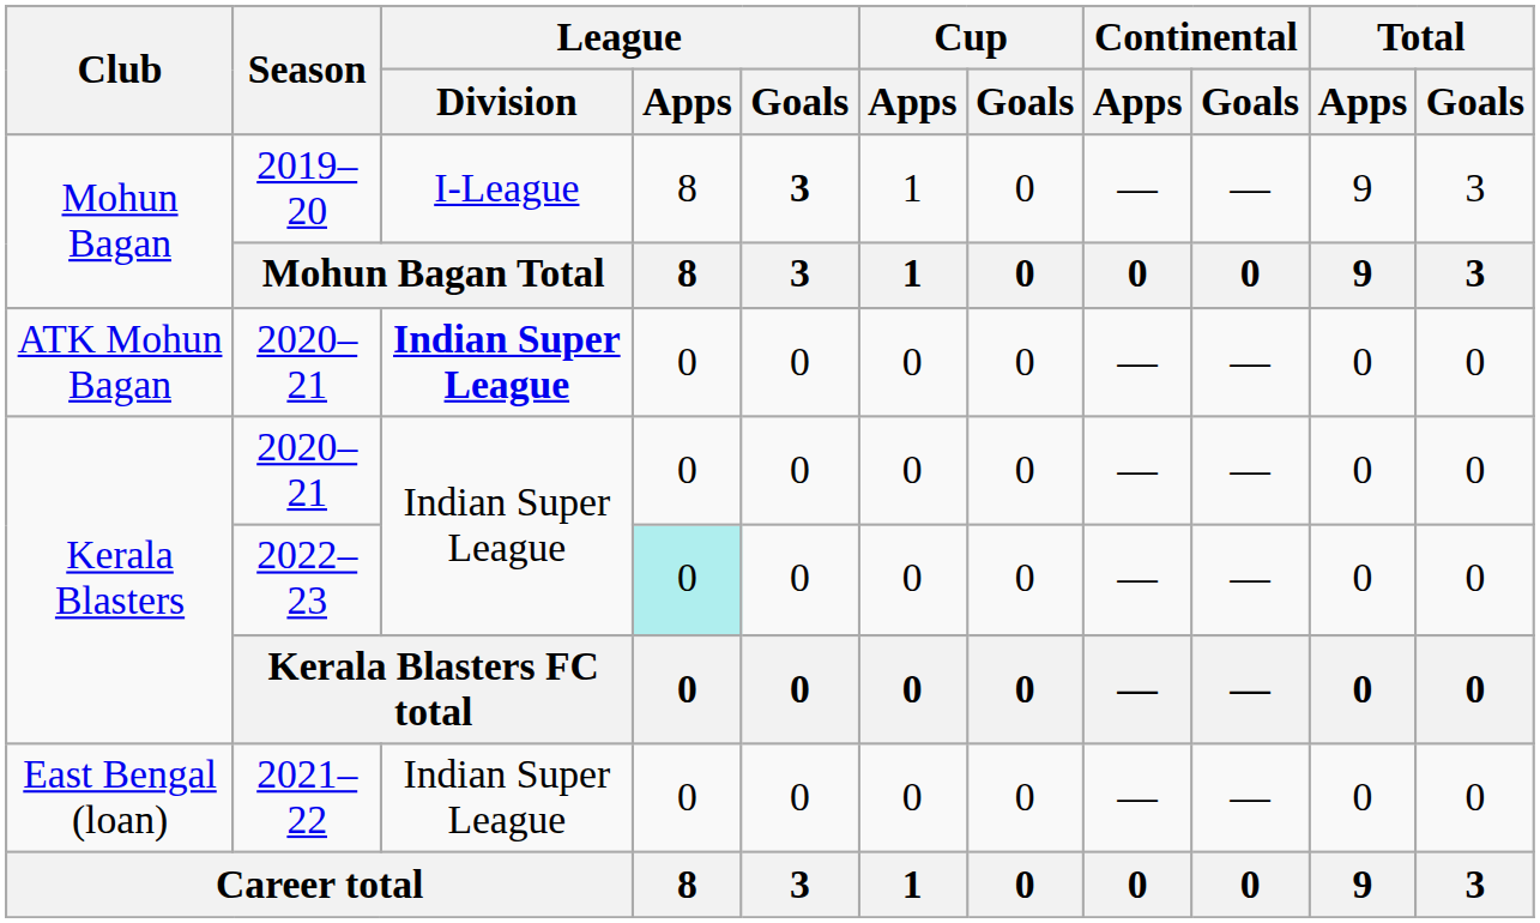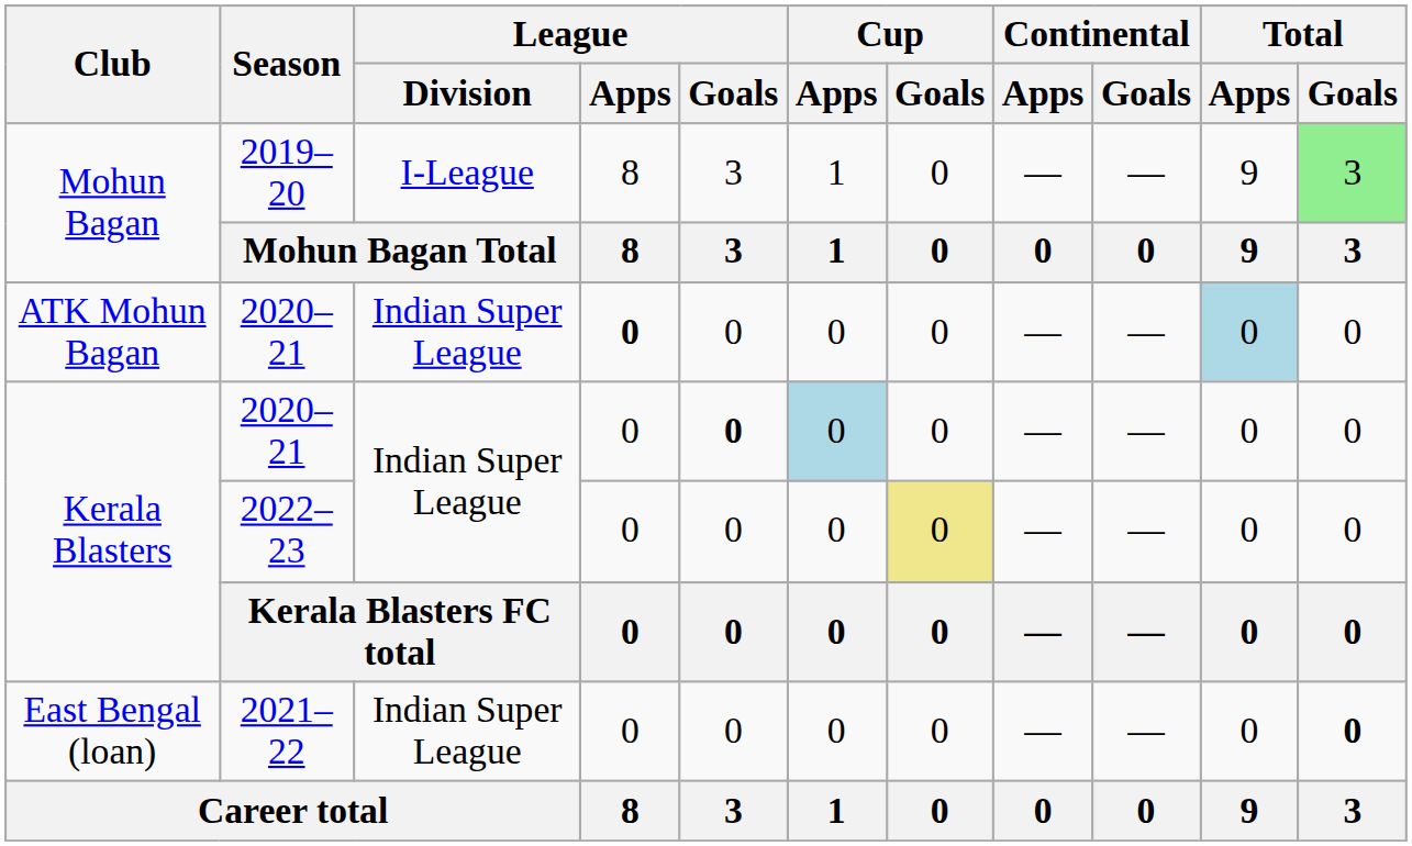 <table class="wikitable" style="text-align: center;">
 <tr>
 <th rowspan="2">Club</th>
 <th rowspan="2">Season</th>
 <th colspan="3">League</th>
 <th colspan="2">Cup</th>
 <th colspan="2">Continental</th>
 <th colspan="2">Total</th>
 </tr>
 <tr>
 <th>Division</th>
 <th>Apps</th>
 <th>Goals</th>
 <th>Apps</th>
 <th>Goals</th>
 <th>Apps</th>
 <th>Goals</th>
 <th>Apps</th>
 <th>Goals</th>
 </tr>
 <tr>
 <td rowspan="2"><a href='#'>Mohun Bagan</a></td>
 <td><a href='#'>2019–20</a></td>
 <td><a href='#'>I-League</a></td>
 <td>8</td>
-<td><strong>3</strong></td>
+<td>3</td>
 <td>1</td>
 <td>0</td>
 <td>—</td>
 <td>—</td>
 <td>9</td>
-<td>3</td>
+<td style="background: lightgreen;">3</td>
 </tr>
 <tr>
 <th colspan="2">Mohun Bagan Total</th>
 <th>8</th>
 <th>3</th>
 <th>1</th>
 <th>0</th>
 <th>0</th>
 <th>0</th>
 <th>9</th>
 <th>3</th>
 </tr>
 <tr>
 <td rowspan="1"><a href='#'>ATK Mohun Bagan</a></td>
 <td><a href='#'>2020–21</a></td>
-<td><strong><a href='#'>Indian Super League</a></strong></td>
-<td>0</td>
+<td><a href='#'>Indian Super League</a></td>
+<td><strong>0</strong></td>
 <td>0</td>
 <td>0</td>
 <td>0</td>
 <td>—</td>
 <td>—</td>
-<td>0</td>
+<td style="background: lightblue;">0</td>
 <td>0</td>
 </tr>
 <tr>
 <td rowspan="3"><a href='#'>Kerala Blasters</a></td>
 <td><a href='#'>2020–21</a></td>
 <td rowspan="2">Indian Super League</td>
 <td>0</td>
-<td>0</td>
-<td>0</td>
+<td><strong>0</strong></td>
+<td style="background: lightblue;">0</td>
 <td>0</td>
 <td>—</td>
 <td>—</td>
 <td>0</td>
 <td>0</td>
 </tr>
 <tr>
 <td><a href='#'>2022–23</a></td>
-<td style="background: paleturquoise;">0</td>
 <td>0</td>
 <td>0</td>
 <td>0</td>
+<td style="background: khaki;">0</td>
 <td>—</td>
 <td>—</td>
 <td>0</td>
 <td>0</td>
 </tr>
 <tr>
 <th colspan="2">Kerala Blasters FC total</th>
 <th>0</th>
 <th>0</th>
 <th>0</th>
 <th>0</th>
 <th>—</th>
 <th>—</th>
 <th>0</th>
 <th>0</th>
 </tr>
 <tr>
 <td rowspan="1"><a href='#'>East Bengal</a> (loan)</td>
 <td><a href='#'>2021–22</a></td>
 <td>Indian Super League</td>
 <td>0</td>
 <td>0</td>
 <td>0</td>
 <td>0</td>
 <td>—</td>
 <td>—</td>
 <td>0</td>
-<td>0</td>
+<td><strong>0</strong></td>
 </tr>
 <tr>
 <th colspan="3">Career total</th>
 <th>8</th>
 <th>3</th>
 <th>1</th>
 <th>0</th>
 <th>0</th>
 <th>0</th>
 <th>9</th>
 <th>3</th>
 </tr>
 </table>
